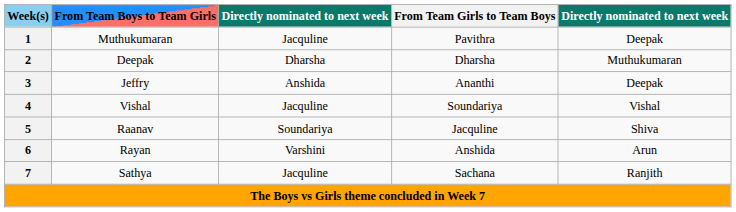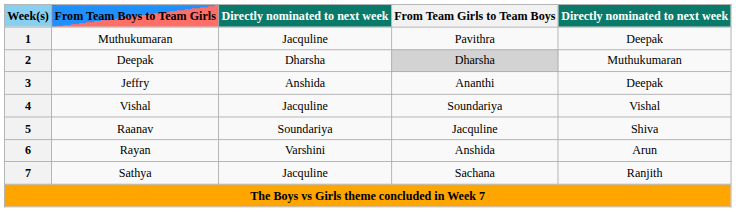 <table class="wikitable" style="text-align:center; font-size:90%; line-height:20px; width:auto;">
 <tr>
 <th style="background:#89CFF0">Week(s)</th>
 <th style="background-image:linear-gradient(to right bottom, #1e90ff 50%, #ff6e67 50%);">From Team Boys to Team Girls</th>
 <th style="background:#097969; color:white;">Directly nominated to next week</th>
 <th style="background-image:linear-gradient(to right bottom,  50% #ff6e67, #1e90ff 50%);">From Team Girls to Team Boys</th>
 <th style="background:#097969; color:white;">Directly nominated to next week</th>
 </tr>
 <tr>
 <th>1</th>
 <td>Muthukumaran</td>
 <td>Jacquline</td>
 <td>Pavithra</td>
 <td>Deepak</td>
 </tr>
 <tr>
 <th>2</th>
 <td>Deepak</td>
 <td>Dharsha</td>
-<td>Dharsha</td>
+<td style="background: lightgrey;">Dharsha</td>
 <td>Muthukumaran</td>
 </tr>
 <tr>
 <th>3</th>
 <td>Jeffry</td>
 <td>Anshida</td>
 <td>Ananthi</td>
 <td>Deepak</td>
 </tr>
 <tr>
 <th>4</th>
 <td>Vishal</td>
 <td>Jacquline</td>
 <td>Soundariya</td>
 <td>Vishal</td>
 </tr>
 <tr>
 <th>5</th>
 <td>Raanav</td>
 <td>Soundariya</td>
 <td>Jacquline</td>
 <td>Shiva</td>
 </tr>
 <tr>
 <th>6</th>
 <td>Rayan</td>
 <td>Varshini</td>
 <td>Anshida</td>
 <td>Arun</td>
 </tr>
 <tr>
 <th>7</th>
 <td>Sathya</td>
 <td>Jacquline</td>
 <td>Sachana</td>
 <td>Ranjith</td>
 </tr>
 <tr>
 <th colspan="5" style="background:orange";><strong>The Boys vs Girls theme concluded in Week 7</strong></th>
 </tr>
 </table>
